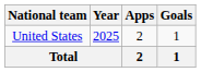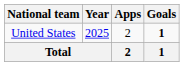 <table class="wikitable" style="text-align:center">
 <tr>
 <th>National team</th>
 <th>Year</th>
 <th>Apps</th>
 <th>Goals</th>
 </tr>
 <tr>
 <td><a href='#'>United States</a></td>
 <td><a href='#'>2025</a></td>
 <td>2</td>
-<td>1</td>
+<td><strong>1</strong></td>
 </tr>
 <tr>
 <th colspan="2">Total</th>
 <th>2</th>
 <th>1</th>
 </tr>
 </table>
